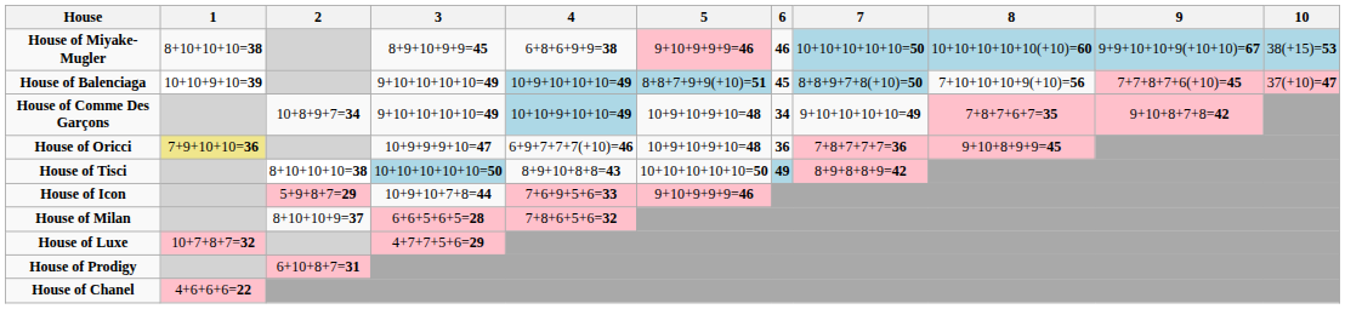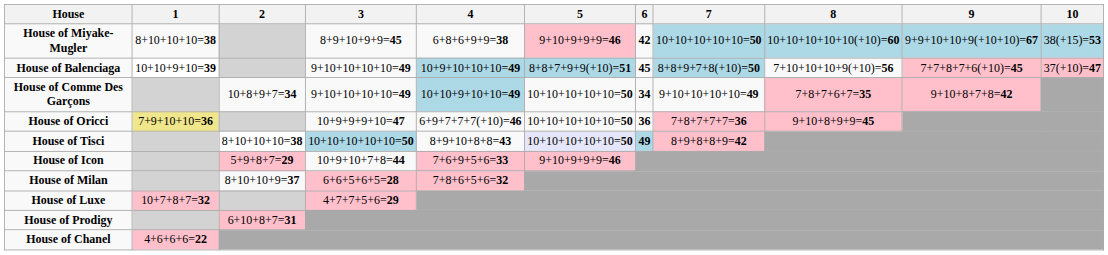 <table class="wikitable" border="2" style="text-align: center; font-size: 85%;">
 <tr>
 <th>House</th>
 <th>1</th>
 <th>2</th>
 <th>3</th>
 <th>4</th>
 <th>5</th>
 <th>6 </th>
 <th>7</th>
 <th>8</th>
 <th>9</th>
 <th>10</th>
 </tr>
 <tr>
 <td><strong>House of Miyake-Mugler</strong></td>
 <td>8+10+10+10=<strong>38</strong></td>
 <td bgcolor="lightgray"></td>
 <td>8+9+10+9+9=<strong>45</strong></td>
 <td>6+8+6+9+9=<strong>38</strong></td>
 <td bgcolor="pink">9+10+9+9+9=<strong>46</strong></td>
-<td><strong>46</strong></td>
+<td><strong>42</strong></td>
 <td bgcolor="lightblue">10+10+10+10+10=<strong>50</strong></td>
 <td bgcolor="lightblue">10+10+10+10+10(+10)=<strong>60</strong></td>
 <td bgcolor="lightblue">9+9+10+10+9(+10+10)=<strong>67</strong></td>
 <td bgcolor="lightblue">38(+15)=<strong>53</strong></td>
 </tr>
 <tr>
 <td><strong>House of Balenciaga</strong></td>
 <td bgcolor="white">10+10+9+10=<strong>39</strong></td>
 <td bgcolor="lightgray"></td>
 <td>9+10+10+10+10=<strong>49</strong></td>
 <td bgcolor="lightblue">10+9+10+10+10=<strong>49</strong></td>
 <td bgcolor="lightblue">8+8+7+9+9(+10)=<strong>51</strong></td>
 <td><strong>45</strong></td>
 <td bgcolor="lightblue">8+8+9+7+8(+10)=<strong>50</strong></td>
 <td>7+10+10+10+9(+10)=<strong>56 </strong></td>
 <td bgcolor="pink">7+7+8+7+6(+10)=<strong>45</strong></td>
 <td bgcolor="pink">37(+10)=<strong>47</strong></td>
 </tr>
 <tr>
 <td><strong>House of Comme Des Garçons</strong></td>
 <td bgcolor="lightgray"></td>
 <td>10+8+9+7=<strong>34</strong></td>
 <td>9+10+10+10+10=<strong>49</strong></td>
 <td bgcolor="lightblue">10+10+9+10+10=<strong>49</strong></td>
-<td>10+9+10+9+10=<strong>48</strong></td>
+<td>10+10+10+10+10=<strong>50</strong></td>
 <td><strong>34</strong></td>
 <td>9+10+10+10+10=<strong>49</strong></td>
 <td bgcolor="pink">7+8+7+6+7=<strong>35</strong></td>
 <td bgcolor="pink">9+10+8+7+8=<strong>42</strong></td>
 <td bgcolor="darkgray"></td>
 </tr>
 <tr>
 <td><strong>House of Oricci</strong></td>
 <td style="background: khaki;">7+9+10+10=<strong>36</strong></td>
 <td bgcolor="lightgray"></td>
 <td>10+9+9+9+10=<strong>47</strong></td>
 <td>6+9+7+7+7(+10)=<strong>46</strong></td>
-<td>10+9+10+9+10=<strong>48</strong></td>
+<td>10+10+10+10+10=<strong>50</strong></td>
 <td><strong>36</strong></td>
 <td bgcolor="pink">7+8+7+7+7=<strong>36</strong></td>
 <td bgcolor="pink">9+10+8+9+9=<strong>45</strong></td>
 <td colspan="2" bgcolor="darkgray"></td>
 </tr>
 <tr>
 <td><strong>House of Tisci</strong></td>
 <td bgcolor="lightgray"></td>
 <td bgcolor="white">8+10+10+10=<strong>38</strong></td>
 <td bgcolor="lightblue">10+10+10+10+10=<strong>50</strong></td>
 <td>8+9+10+8+8=<strong>43</strong></td>
-<td>10+10+10+10+10=<strong>50</strong></td>
+<td style="background: lavender;">10+10+10+10+10=<strong>50</strong></td>
 <td bgcolor="lightblue"><strong>49</strong></td>
 <td bgcolor="pink">8+9+8+8+9=<strong>42</strong></td>
 <td colspan="3" bgcolor="darkgray"></td>
 </tr>
 <tr>
 <td><strong>House of Icon</strong></td>
 <td bgcolor="lightgray"></td>
 <td bgcolor="pink">5+9+8+7=<strong>29</strong></td>
 <td>10+9+10+7+8=<strong>44</strong></td>
 <td bgcolor="pink">7+6+9+5+6=<strong>33</strong></td>
 <td bgcolor="pink">9+10+9+9+9=<strong>46</strong></td>
 <td colspan="5" bgcolor="darkgray"></td>
 </tr>
 <tr>
 <td><strong>House of Milan</strong></td>
 <td bgcolor="lightgray"></td>
 <td>8+10+10+9=<strong>37</strong></td>
 <td bgcolor="pink">6+6+5+6+5=<strong>28</strong></td>
 <td bgcolor="pink">7+8+6+5+6=<strong>32</strong></td>
 <td colspan="6" bgcolor="darkgray"></td>
 </tr>
 <tr>
 <td><strong>House of Luxe</strong></td>
 <td bgcolor="pink">10+7+8+7=<strong>32</strong></td>
 <td bgcolor="lightgray"></td>
 <td bgcolor="pink">4+7+7+5+6=<strong>29</strong></td>
 <td colspan="7" bgcolor="darkgray"></td>
 </tr>
 <tr>
 <td><strong>House of Prodigy</strong></td>
 <td bgcolor="lightgray"></td>
 <td bgcolor="pink">6+10+8+7=<strong>31</strong></td>
 <td colspan="8" bgcolor="darkgray"></td>
 </tr>
 <tr>
 <td><strong>House of Chanel</strong></td>
 <td bgcolor="pink">4+6+6+6=<strong>22</strong></td>
 <td colspan="9" bgcolor="darkgray"></td>
 </tr>
 </table>
